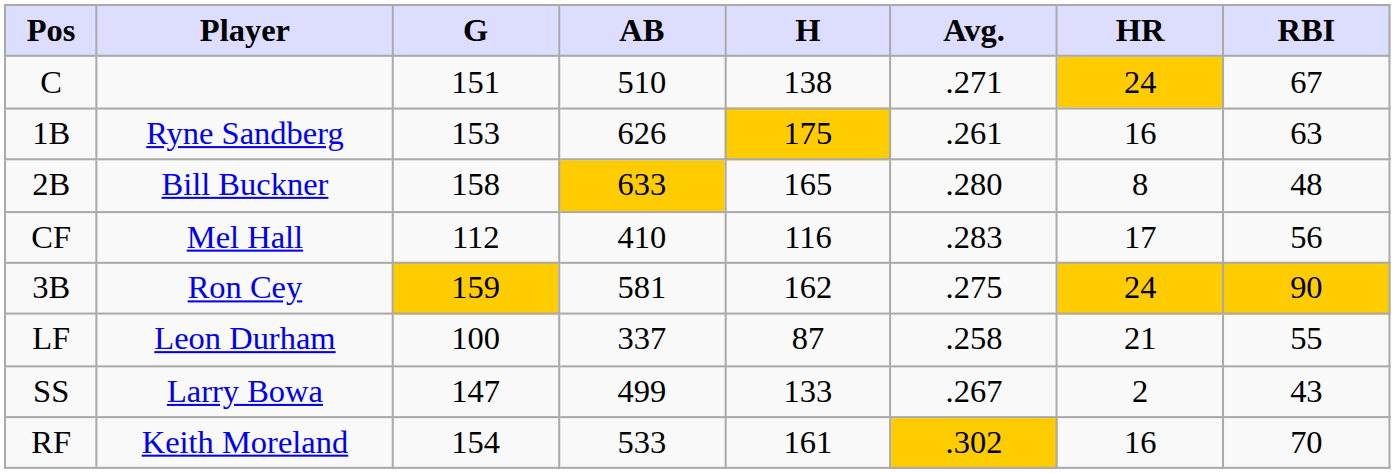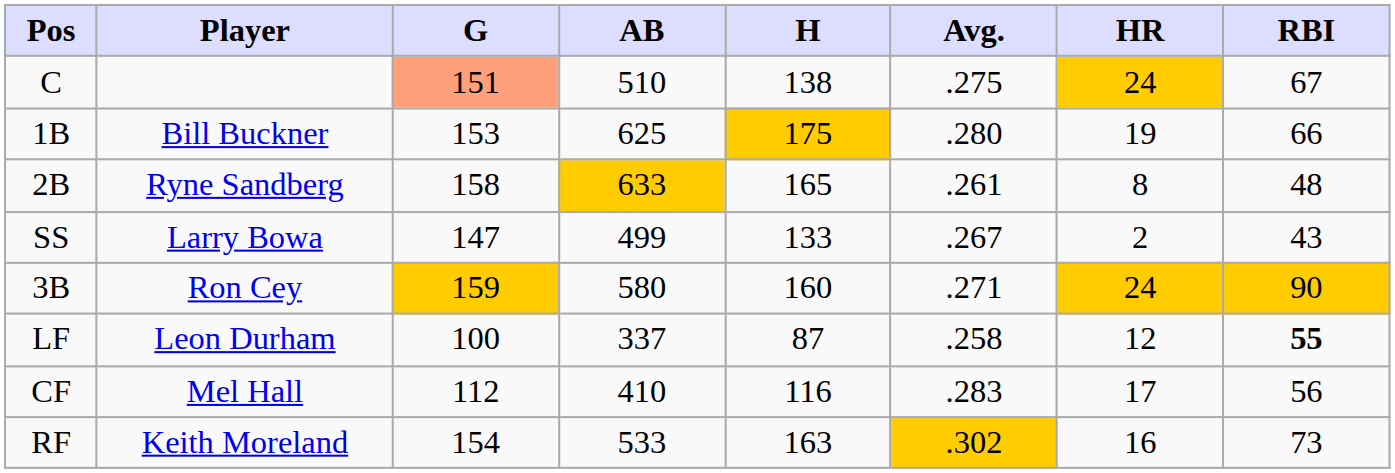 <table class="wikitable sortable">
 <tr>
 <th style="background:#ddf; width:5%;">Pos</th>
 <th style="background:#ddf; width:16%;">Player</th>
 <th style="background:#ddf; width:9%;">G</th>
 <th style="background:#ddf; width:9%;">AB</th>
 <th style="background:#ddf; width:9%;">H</th>
 <th style="background:#ddf; width:9%;">Avg.</th>
 <th style="background:#ddf; width:9%;">HR</th>
 <th style="background:#ddf; width:9%;">RBI</th>
 </tr>
 <tr style="text-align:center;">
 <td>C</td>
 <td></td>
-<td>151</td>
+<td style="background: lightsalmon;">151</td>
 <td>510</td>
 <td>138</td>
-<td>.271</td>
+<td>.275</td>
 <td style="background:#fc0;">24</td>
 <td>67</td>
 </tr>
 <tr align=center>
 <td>1B</td>
-<td><a href='#'>Ryne Sandberg</a></td>
+<td><a href='#'>Bill Buckner</a></td>
 <td>153</td>
-<td>626</td>
+<td>625</td>
 <td style="background:#fc0;">175</td>
-<td>.261</td>
-<td>16</td>
-<td>63</td>
+<td>.280</td>
+<td>19</td>
+<td>66</td>
 </tr>
 <tr align=center>
 <td>2B</td>
-<td><a href='#'>Bill Buckner</a></td>
+<td><a href='#'>Ryne Sandberg</a></td>
 <td>158</td>
 <td style="background:#fc0;">633</td>
 <td>165</td>
-<td>.280</td>
+<td>.261</td>
 <td>8</td>
 <td>48</td>
+</tr>
+<tr align=center>
+<td>SS</td>
+<td><a href='#'>Larry Bowa</a></td>
+<td>147</td>
+<td>499</td>
+<td>133</td>
+<td>.267</td>
+<td>2</td>
+<td>43</td>
+</tr>
+<tr align=center>
+<td>3B</td>
+<td><a href='#'>Ron Cey</a></td>
+<td style="background:#fc0;">159</td>
+<td>580</td>
+<td>160</td>
+<td>.271</td>
+<td style="background:#fc0;">24</td>
+<td style="background:#fc0;">90</td>
+</tr>
+<tr align=center>
+<td>LF</td>
+<td><a href='#'>Leon Durham</a></td>
+<td>100</td>
+<td>337</td>
+<td>87</td>
+<td>.258</td>
+<td>12</td>
+<td><strong>55</strong></td>
 </tr>
 <tr align=center>
 <td>CF</td>
 <td><a href='#'>Mel Hall</a></td>
 <td>112</td>
 <td>410</td>
 <td>116</td>
 <td>.283</td>
 <td>17</td>
 <td>56</td>
 </tr>
 <tr align=center>
-<td>3B</td>
-<td><a href='#'>Ron Cey</a></td>
-<td style="background:#fc0;">159</td>
-<td>581</td>
-<td>162</td>
-<td>.275</td>
-<td style="background:#fc0;">24</td>
-<td style="background:#fc0;">90</td>
-</tr>
-<tr align=center>
-<td>LF</td>
-<td><a href='#'>Leon Durham</a></td>
-<td>100</td>
-<td>337</td>
-<td>87</td>
-<td>.258</td>
-<td>21</td>
-<td>55</td>
-</tr>
-<tr align=center>
-<td>SS</td>
-<td><a href='#'>Larry Bowa</a></td>
-<td>147</td>
-<td>499</td>
-<td>133</td>
-<td>.267</td>
-<td>2</td>
-<td>43</td>
-</tr>
-<tr align=center>
 <td>RF</td>
 <td><a href='#'>Keith Moreland</a></td>
 <td>154</td>
 <td>533</td>
-<td>161</td>
+<td>163</td>
 <td style="background:#fc0;">.302</td>
 <td>16</td>
-<td>70</td>
+<td>73</td>
 </tr>
 </table>
